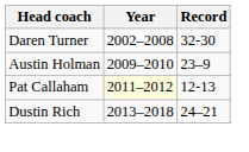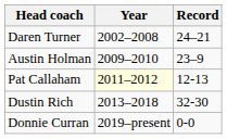 <table class="wikitable"; style= "text-align: ">
 <tr>
 <th width=px>Head coach</th>
 <th width=px>Year</th>
 <th width=px>Record</th>
 </tr>
 <tr>
 <td>Daren Turner</td>
 <td>2002–2008</td>
-<td>32-30</td>
+<td>24–21</td>
 </tr>
 <tr>
 <td>Austin Holman</td>
 <td>2009–2010</td>
 <td>23–9</td>
 </tr>
 <tr>
 <td>Pat Callaham</td>
 <td style="background: lightyellow;">2011–2012</td>
 <td>12-13</td>
 </tr>
 <tr>
 <td>Dustin Rich</td>
 <td>2013–2018</td>
-<td>24–21</td>
+<td>32-30</td>
+</tr>
+<tr>
+<td>Donnie Curran</td>
+<td>2019–present</td>
+<td>0-0</td>
 </tr>
 </table>
